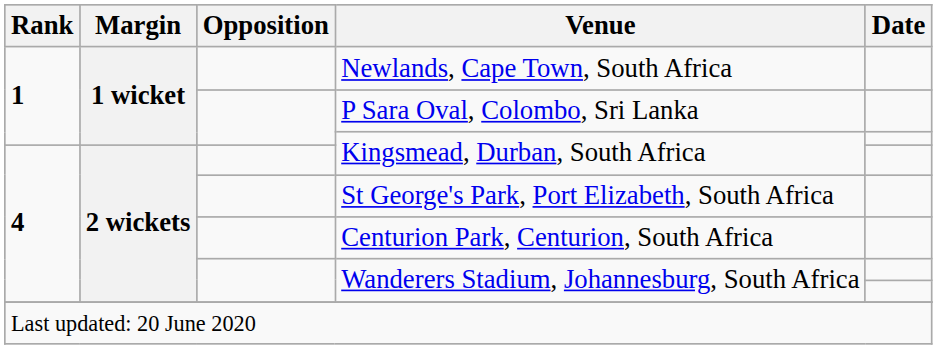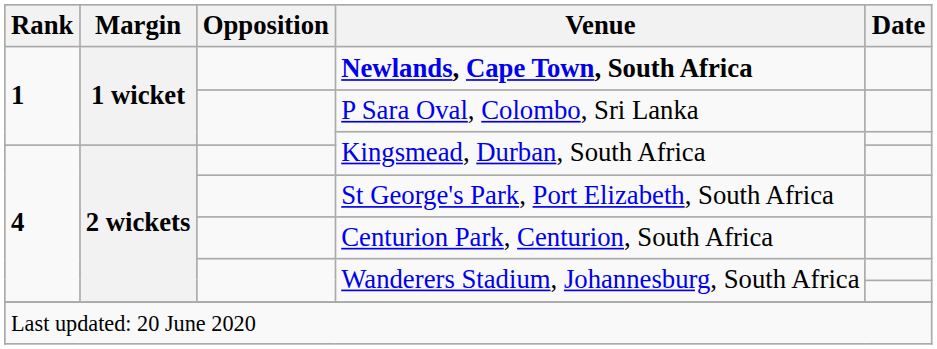 <table class="wikitable plainrowheaders sortable">
 <tr>
 <th scope=col>Rank</th>
 <th scope=col>Margin</th>
 <th scope=col>Opposition</th>
 <th scope=col>Venue</th>
 <th scope=col>Date</th>
 </tr>
 <tr>
 <td rowspan=3><strong>1</strong></td>
 <th scope=row style=text-align:center rowspan=3>1 wicket</th>
 <td></td>
-<td><a href='#'>Newlands</a>, <a href='#'>Cape Town</a>, South Africa</td>
+<td><strong><a href='#'>Newlands</a>, <a href='#'>Cape Town</a>, South Africa</strong></td>
 <td></td>
 </tr>
 <tr>
 <td rowspan=2></td>
 <td><a href='#'>P Sara Oval</a>, <a href='#'>Colombo</a>, Sri Lanka</td>
 <td></td>
 </tr>
 <tr>
 <td rowspan=2><a href='#'>Kingsmead</a>, <a href='#'>Durban</a>, South Africa</td>
 <td></td>
 </tr>
 <tr>
 <td rowspan=5><strong>4</strong></td>
 <th scope=row style=text-align:center rowspan=5>2 wickets</th>
 <td></td>
 <td></td>
 </tr>
 <tr>
 <td></td>
 <td><a href='#'>St George's Park</a>, <a href='#'>Port Elizabeth</a>, South Africa</td>
 <td></td>
 </tr>
 <tr>
 <td></td>
 <td><a href='#'>Centurion Park</a>, <a href='#'>Centurion</a>, South Africa</td>
 <td></td>
 </tr>
 <tr>
 <td rowspan=2></td>
 <td rowspan=2><a href='#'>Wanderers Stadium</a>, <a href='#'>Johannesburg</a>, South Africa</td>
 <td></td>
 </tr>
 <tr>
 <td></td>
 </tr>
 <tr>
 </tr>
 <tr class=sortbottom>
 <td colspan=5><small>Last updated: 20 June 2020</small></td>
 </tr>
 </table>
